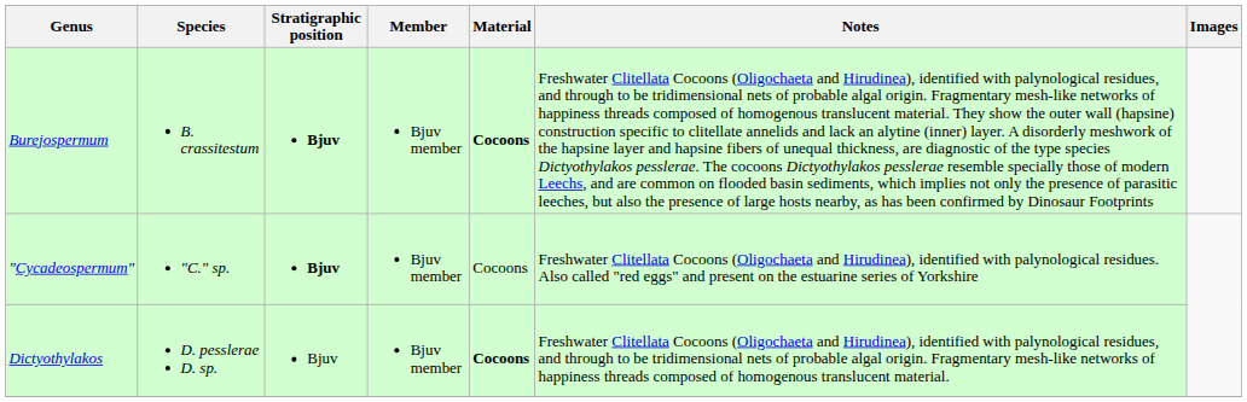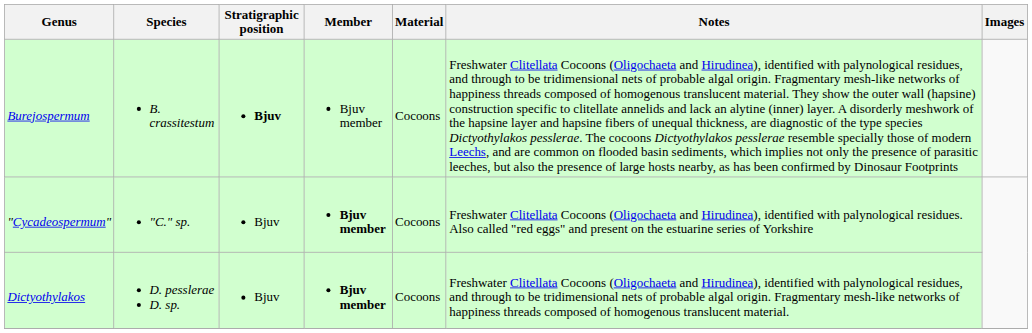 <table class ="wikitable" align="center" width="100%">
 <tr>
 <th>Genus</th>
 <th>Species</th>
 <th>Stratigraphic position</th>
 <th>Member</th>
 <th>Material</th>
 <th>Notes</th>
 <th>Images</th>
 </tr>
 <tr>
 <td style="background:#D1FFCF;"><br><em><a href='#'>Burejospermum</a></em></td>
 <td style="background:#D1FFCF;"><br><ul><li><em>B. crassitestum</em></li></ul></td>
 <td style="background:#D1FFCF;"><strong><br><ul><li>Bjuv</li></ul></strong></td>
 <td style="background:#D1FFCF;"><br><ul><li>Bjuv member</li></ul></td>
-<td style="background:#D1FFCF;"><strong><br>Cocoons</strong></td>
+<td style="background:#D1FFCF;"><br>Cocoons</td>
 <td style="background:#D1FFCF;"><br>Freshwater <a href='#'>Clitellata</a> Cocoons (<a href='#'>Oligochaeta</a> and <a href='#'>Hirudinea</a>), identified with palynological residues, and through to be tridimensional nets of probable algal origin. Fragmentary mesh-like networks of happiness threads composed of homogenous translucent material. They show the outer wall (hapsine) construction specific to clitellate annelids and lack an alytine (inner) layer. A disorderly meshwork of the hapsine layer and hapsine fibers of unequal thickness, are diagnostic of the type species <em>Dictyothylakos pesslerae</em>. The cocoons <em>Dictyothylakos pesslerae</em> resemble specially those of modern <a href='#'>Leechs</a>, and are common on flooded basin sediments, which implies not only the presence of parasitic leeches, but also the presence of large hosts nearby, as has been confirmed by Dinosaur Footprints</td>
 <td></td>
 </tr>
 <tr>
 <td style="background:#D1FFCF;"><br><em>"<a href='#'>Cycadeospermum</a>"</em></td>
 <td style="background:#D1FFCF;"><br><ul><li><em>"C." sp.</em></li></ul></td>
-<td style="background:#D1FFCF;"><strong><br><ul><li>Bjuv</li></ul></strong></td>
-<td style="background:#D1FFCF;"><br><ul><li>Bjuv member</li></ul></td>
+<td style="background:#D1FFCF;"><br><ul><li>Bjuv</li></ul></td>
+<td style="background:#D1FFCF;"><strong><br><ul><li>Bjuv member</li></ul></strong></td>
 <td style="background:#D1FFCF;"><br>Cocoons</td>
 <td style="background:#D1FFCF;"><br>Freshwater <a href='#'>Clitellata</a> Cocoons (<a href='#'>Oligochaeta</a> and <a href='#'>Hirudinea</a>), identified with palynological residues. Also called "red eggs" and present on the estuarine series of Yorkshire</td>
 <td rowspan="2"><br> </td>
 </tr>
 <tr>
 <td style="background:#D1FFCF;"><br><em><a href='#'>Dictyothylakos</a></em></td>
 <td style="background:#D1FFCF;"><br><ul><li><em>D. pesslerae</em></li><li><em>D. sp.</em></li></ul></td>
 <td style="background:#D1FFCF;"><br><ul><li>Bjuv</li></ul></td>
-<td style="background:#D1FFCF;"><br><ul><li>Bjuv member</li></ul></td>
-<td style="background:#D1FFCF;"><strong><br>Cocoons</strong></td>
+<td style="background:#D1FFCF;"><strong><br><ul><li>Bjuv member</li></ul></strong></td>
+<td style="background:#D1FFCF;"><br>Cocoons</td>
 <td style="background:#D1FFCF;"><br>Freshwater <a href='#'>Clitellata</a> Cocoons (<a href='#'>Oligochaeta</a> and <a href='#'>Hirudinea</a>), identified with palynological residues, and through to be tridimensional nets of probable algal origin. Fragmentary mesh-like networks of happiness threads composed of homogenous translucent material.</td>
 </tr>
 <tr>
 </tr>
 </table>
